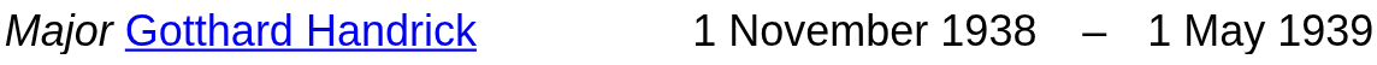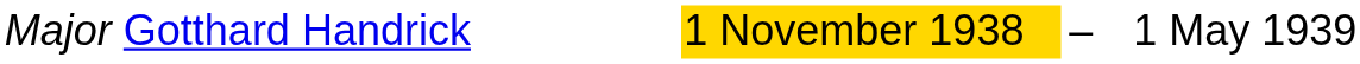 <table>
 <tr>
 <th style="width: 250px;"></th>
 <th style="width: 140px;"></th>
 <th style="width: 20px;"></th>
 <th style="width: 140px;"></th>
 </tr>
 <tr>
 <td><em>Major</em> <a href='#'>Gotthard Handrick</a></td>
-<td>1 November 1938</td>
+<td style="background: gold;">1 November 1938</td>
 <td>–</td>
 <td>1 May 1939</td>
 </tr>
 </table>
